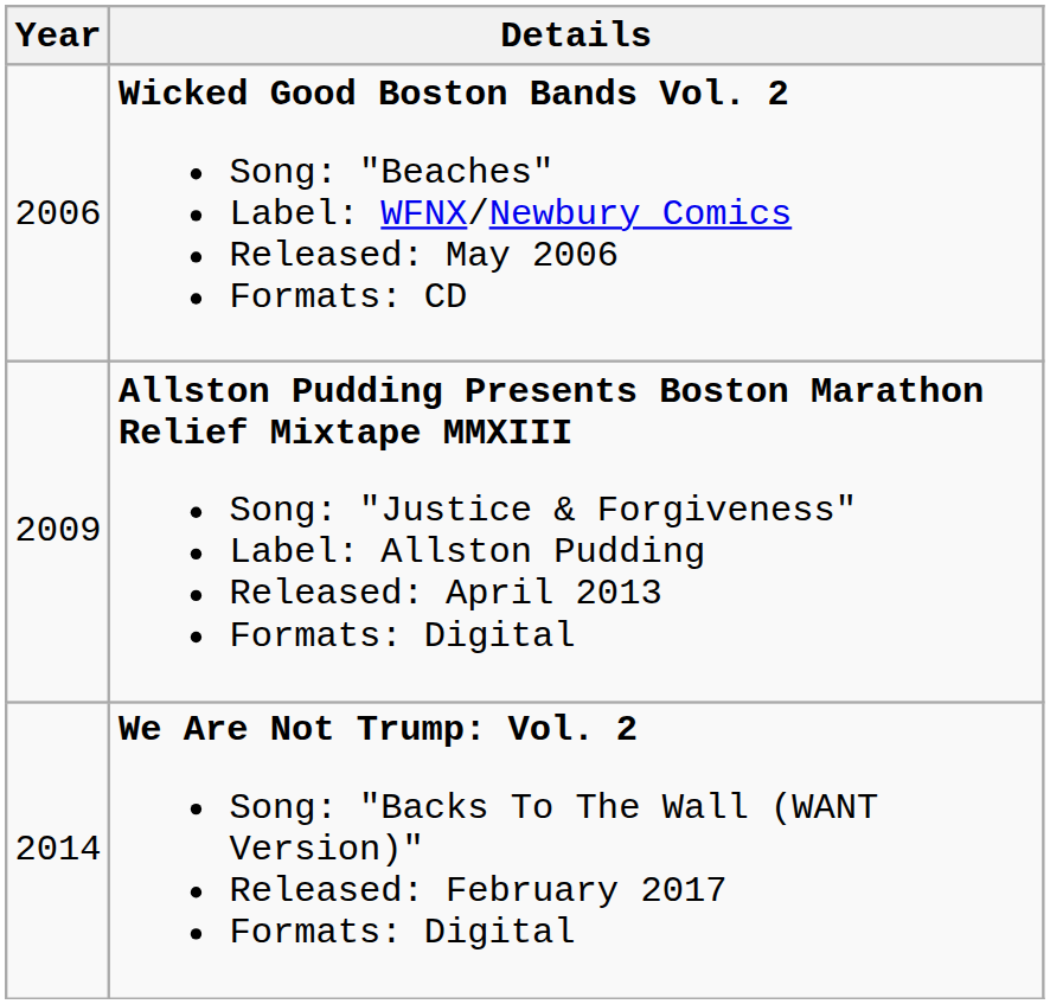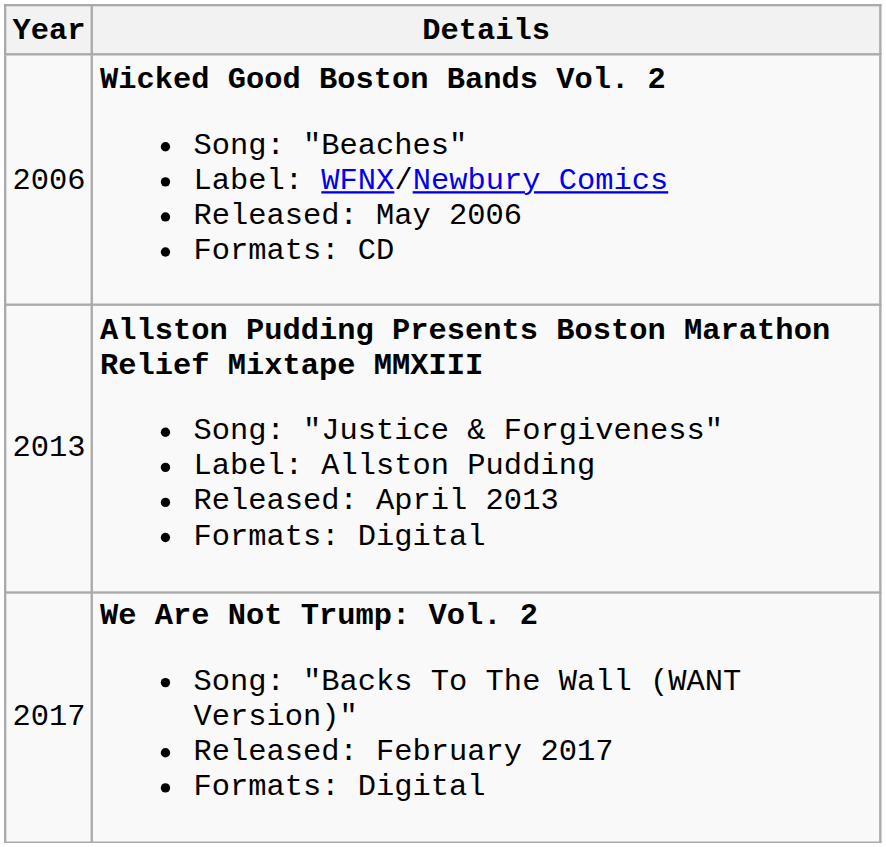 <table class="wikitable sortable">
 <tr>
 <th width="15">Year</th>
 <th width="330">Details</th>
 </tr>
 <tr>
 <td>2006</td>
 <td><strong>Wicked Good Boston Bands Vol. 2</strong><br><ul><li>Song: "Beaches"</li><li>Label: <a href='#'>WFNX</a>/<a href='#'>Newbury Comics</a></li><li>Released: May 2006</li><li>Formats: CD</li></ul></td>
 </tr>
 <tr>
-<td>2009</td>
+<td>2013</td>
 <td><strong>Allston Pudding Presents Boston Marathon Relief Mixtape MMXIII</strong><br><ul><li>Song: "Justice & Forgiveness"</li><li>Label: Allston Pudding</li><li>Released: April 2013</li><li>Formats: Digital</li></ul></td>
 </tr>
 <tr>
-<td>2014</td>
+<td>2017</td>
 <td><strong>We Are Not Trump: Vol. 2</strong><br><ul><li>Song: "Backs To The Wall (WANT Version)"</li><li>Released: February 2017</li><li>Formats: Digital</li></ul></td>
 </tr>
 <tr>
 </tr>
 </table>
